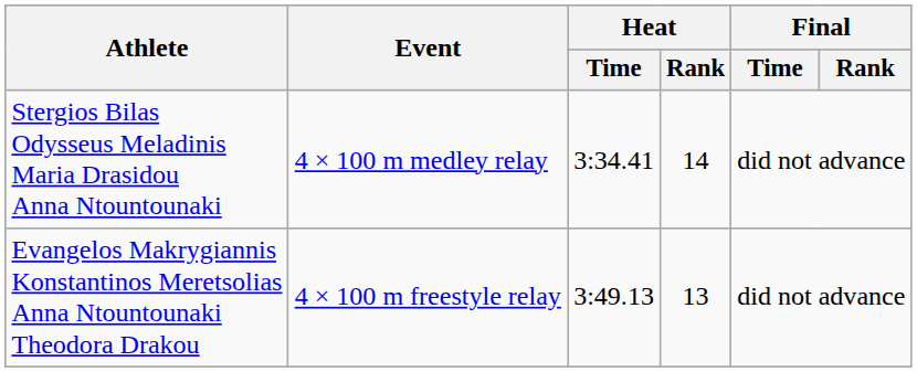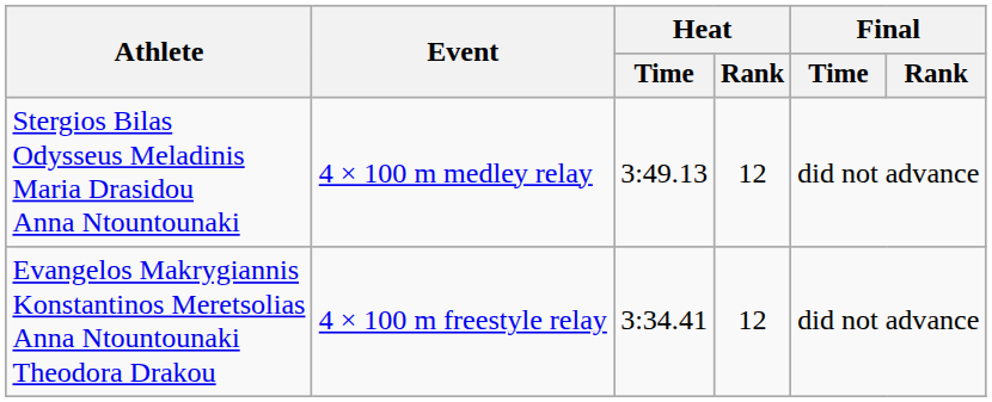 <table class=wikitable style="font-size:90%">
 <tr>
 <th rowspan="2">Athlete</th>
 <th rowspan="2">Event</th>
 <th colspan="2">Heat</th>
 <th colspan="2">Final</th>
 </tr>
 <tr style="font-size:95%">
 <th>Time</th>
 <th>Rank</th>
 <th>Time</th>
 <th>Rank</th>
 </tr>
 <tr style="text-align:center">
 <td style="text-align:left"><a href='#'>Stergios Bilas</a> <br><a href='#'>Odysseus Meladinis</a> <br><a href='#'>Maria Drasidou</a> <br><a href='#'>Anna Ntountounaki</a></td>
 <td style="text-align:left"><a href='#'>4 × 100 m medley relay</a></td>
-<td>3:34.41</td>
-<td>14</td>
+<td>3:49.13</td>
+<td>12</td>
 <td colspan=2>did not advance</td>
 </tr>
 <tr style="text-align:center">
 <td style="text-align:left"><a href='#'>Evangelos Makrygiannis</a> <br><a href='#'>Konstantinos Meretsolias</a> <br><a href='#'>Anna Ntountounaki</a> <br><a href='#'>Theodora Drakou</a></td>
 <td style="text-align:left"><a href='#'>4 × 100 m freestyle relay</a></td>
-<td>3:49.13</td>
-<td>13</td>
+<td>3:34.41</td>
+<td>12</td>
 <td colspan=2>did not advance</td>
 </tr>
 </table>
